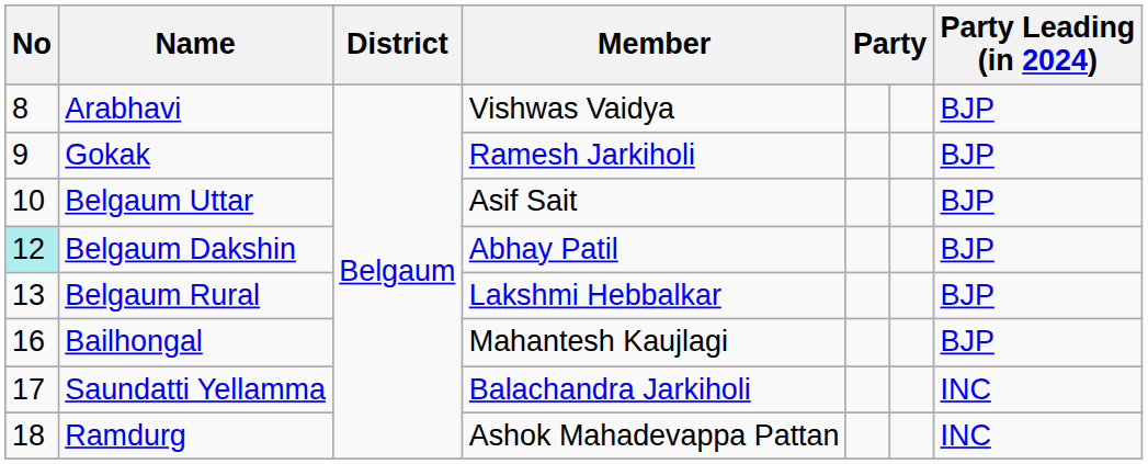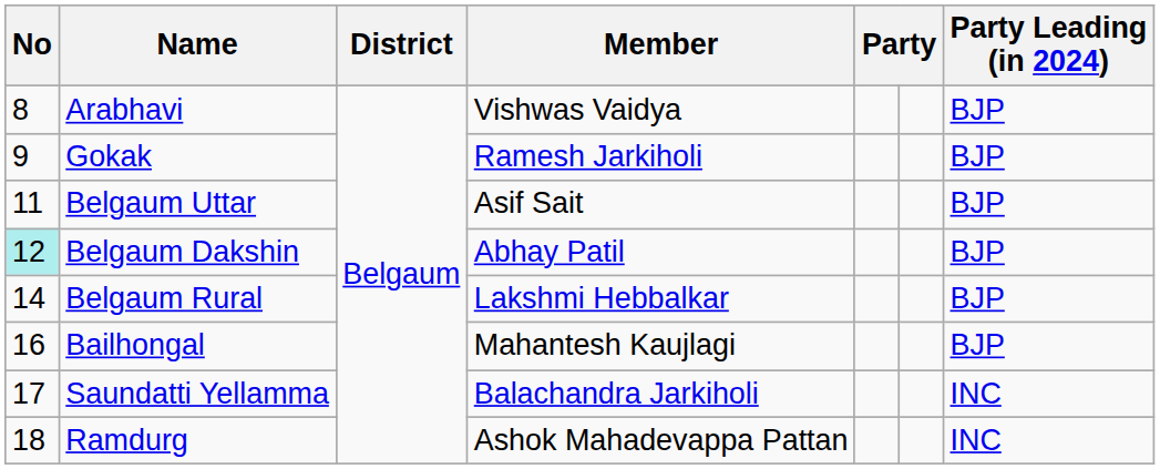 <table class="wikitable">
 <tr>
 <th>No</th>
 <th>Name</th>
 <th>District</th>
 <th>Member</th>
 <th colspan="2">Party</th>
 <th colspan="2">Party Leading<br>(in <a href='#'>2024</a>)</th>
 </tr>
 <tr>
 <td>8</td>
 <td><a href='#'>Arabhavi</a></td>
 <td rowspan="8"><a href='#'>Belgaum</a></td>
 <td>Vishwas Vaidya</td>
 <td></td>
 <td style="background-color: "></td>
 <td><a href='#'>BJP</a></td>
 </tr>
 <tr>
 <td>9</td>
 <td><a href='#'>Gokak</a></td>
 <td><a href='#'>Ramesh Jarkiholi</a></td>
 <td></td>
 <td style="background-color: "></td>
 <td><a href='#'>BJP</a></td>
 </tr>
 <tr>
-<td>10</td>
+<td>11</td>
 <td><a href='#'>Belgaum Uttar</a></td>
 <td>Asif Sait</td>
 <td></td>
 <td style="background-color: "></td>
 <td><a href='#'>BJP</a></td>
 </tr>
 <tr>
 <td style="background: paleturquoise;">12</td>
 <td><a href='#'>Belgaum Dakshin</a></td>
 <td><a href='#'>Abhay Patil</a></td>
 <td></td>
 <td style="background-color: "></td>
 <td><a href='#'>BJP</a></td>
 </tr>
 <tr>
-<td>13</td>
+<td>14</td>
 <td><a href='#'>Belgaum Rural</a></td>
 <td><a href='#'>Lakshmi Hebbalkar</a></td>
 <td></td>
 <td style="background-color: "></td>
 <td><a href='#'>BJP</a></td>
 </tr>
 <tr>
 <td>16</td>
 <td><a href='#'>Bailhongal</a></td>
 <td>Mahantesh Kaujlagi</td>
 <td></td>
 <td style="background-color: "></td>
 <td><a href='#'>BJP</a></td>
 </tr>
 <tr>
 <td>17</td>
 <td><a href='#'>Saundatti Yellamma</a></td>
 <td><a href='#'>Balachandra Jarkiholi</a></td>
 <td></td>
 <td style="background-color: "></td>
 <td><a href='#'>INC</a></td>
 </tr>
 <tr>
 <td>18</td>
 <td><a href='#'>Ramdurg</a></td>
 <td>Ashok Mahadevappa Pattan</td>
 <td></td>
 <td style="background-color: "></td>
 <td><a href='#'>INC</a></td>
 </tr>
 </table>
